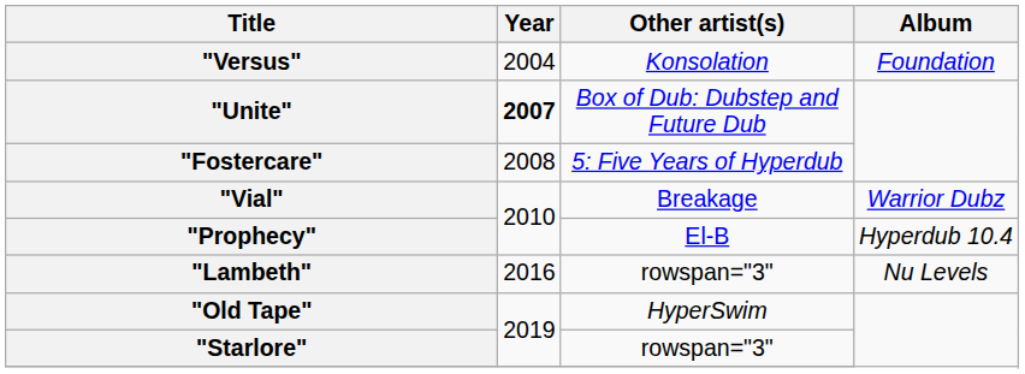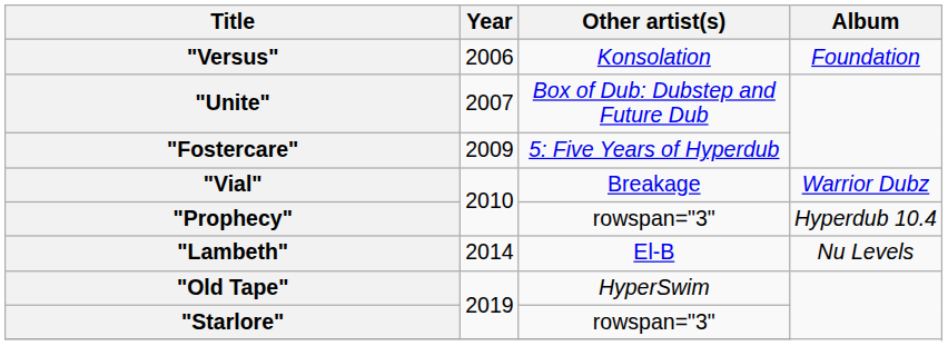 <table class="wikitable plainrowheaders" style="text-align:center;" border="1">
 <tr>
 <th scope="col" style="width:20.5em;">Title</th>
 <th scope="col">Year</th>
 <th scope="col" style="width:12em;">Other artist(s)</th>
 <th scope="col">Album</th>
 </tr>
 <tr>
 <th scope="row">"Versus"</th>
-<td>2004</td>
+<td>2006</td>
 <td><em><a href='#'>Konsolation</a></em></td>
 <td><em><a href='#'>Foundation</a></em></td>
 </tr>
 <tr>
 <th scope="row">"Unite"</th>
-<td><strong>2007</strong></td>
+<td>2007</td>
 <td><em><a href='#'>Box of Dub: Dubstep and Future Dub</a></em></td>
 </tr>
 <tr>
 <th scope="row">"Fostercare"</th>
-<td>2008</td>
+<td>2009</td>
 <td><em><a href='#'>5: Five Years of Hyperdub</a></em></td>
 </tr>
 <tr>
 <th scope="row">"Vial"</th>
 <td rowspan="2">2010</td>
 <td><a href='#'>Breakage</a></td>
 <td><em><a href='#'>Warrior Dubz</a></em></td>
 </tr>
 <tr>
 <th scope="row">"Prophecy"</th>
-<td><a href='#'>El-B</a></td>
+<td>rowspan="3" </td>
 <td><em>Hyperdub 10.4</em></td>
 </tr>
 <tr>
 <th scope="row">"Lambeth"</th>
-<td>2016</td>
-<td>rowspan="3" </td>
+<td>2014</td>
+<td><a href='#'>El-B</a></td>
 <td><em>Nu Levels</em></td>
 </tr>
 <tr>
 <th scope="row">"Old Tape"</th>
 <td rowspan="2">2019</td>
 <td><em>HyperSwim</em></td>
 </tr>
 <tr>
 <th scope="row">"Starlore"</th>
 <td>rowspan="3" </td>
 </tr>
 <tr>
 </tr>
 </table>
